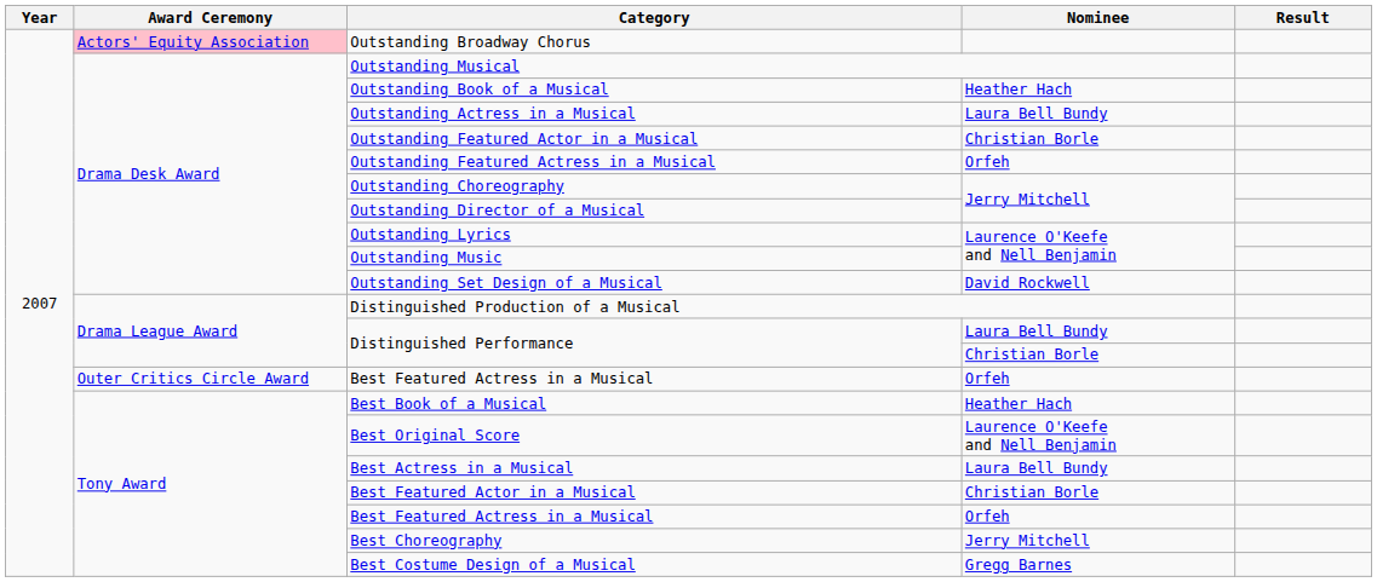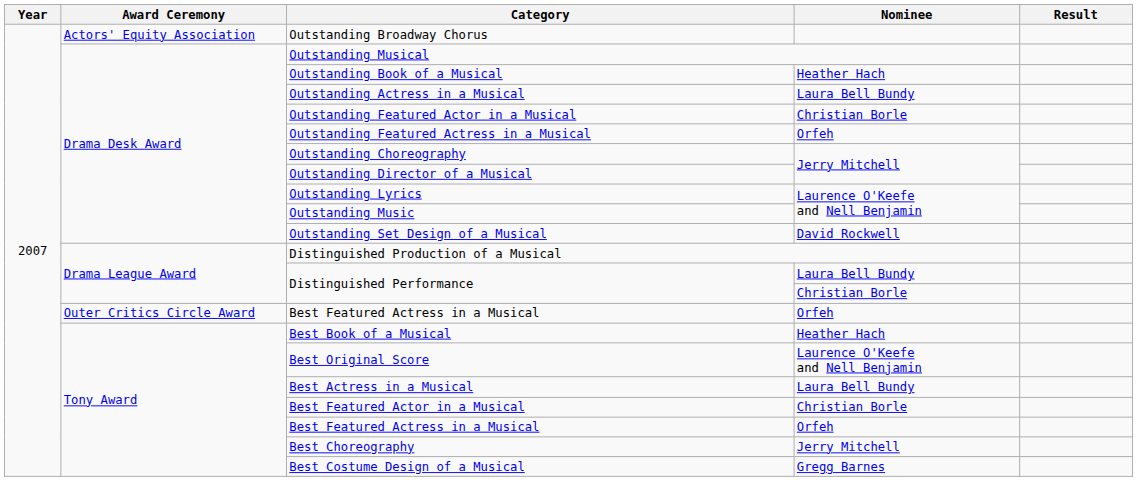 <table class="wikitable" style="width:95%;">
 <tr>
 <th style="width:5%;">Year</th>
 <th style="width:20%;">Award Ceremony</th>
 <th style="width:45%;">Category</th>
 <th style="width:20%;">Nominee</th>
 <th style="width:10%;">Result</th>
 </tr>
 <tr>
 <td rowspan="22" style="text-align:center;">2007</td>
-<td style="background: pink;"><a href='#'>Actors' Equity Association</a></td>
+<td><a href='#'>Actors' Equity Association</a></td>
 <td>Outstanding Broadway Chorus</td>
 <td></td>
 <td></td>
 </tr>
 <tr>
 <td rowspan="10"><a href='#'>Drama Desk Award</a></td>
 <td colspan="2"><a href='#'>Outstanding Musical</a></td>
 <td></td>
 </tr>
 <tr>
 <td><a href='#'>Outstanding Book of a Musical</a></td>
 <td><a href='#'>Heather Hach</a></td>
 <td></td>
 </tr>
 <tr>
 <td><a href='#'>Outstanding Actress in a Musical</a></td>
 <td><a href='#'>Laura Bell Bundy</a></td>
 <td></td>
 </tr>
 <tr>
 <td><a href='#'>Outstanding Featured Actor in a Musical</a></td>
 <td><a href='#'>Christian Borle</a></td>
 <td></td>
 </tr>
 <tr>
 <td><a href='#'>Outstanding Featured Actress in a Musical</a></td>
 <td><a href='#'>Orfeh</a></td>
 <td></td>
 </tr>
 <tr>
 <td><a href='#'>Outstanding Choreography</a></td>
 <td rowspan="2"><a href='#'>Jerry Mitchell</a></td>
 <td></td>
 </tr>
 <tr>
 <td><a href='#'>Outstanding Director of a Musical</a></td>
 <td></td>
 </tr>
 <tr>
 <td><a href='#'>Outstanding Lyrics</a></td>
 <td rowspan="2"><a href='#'>Laurence O'Keefe</a><br>and <a href='#'>Nell Benjamin</a></td>
 <td></td>
 </tr>
 <tr>
 <td><a href='#'>Outstanding Music</a></td>
 <td></td>
 </tr>
 <tr>
 <td><a href='#'>Outstanding Set Design of a Musical</a></td>
 <td><a href='#'>David Rockwell</a></td>
 <td></td>
 </tr>
 <tr>
 <td rowspan="3"><a href='#'>Drama League Award</a></td>
 <td colspan="2">Distinguished Production of a Musical</td>
 <td></td>
 </tr>
 <tr>
 <td rowspan="2">Distinguished Performance</td>
 <td><a href='#'>Laura Bell Bundy</a></td>
 <td></td>
 </tr>
 <tr>
 <td><a href='#'>Christian Borle</a></td>
 <td></td>
 </tr>
 <tr>
 <td><a href='#'>Outer Critics Circle Award</a></td>
 <td>Best Featured Actress in a Musical</td>
 <td><a href='#'>Orfeh</a></td>
 <td></td>
 </tr>
 <tr>
 <td rowspan="7"><a href='#'>Tony Award</a></td>
 <td><a href='#'>Best Book of a Musical</a></td>
 <td><a href='#'>Heather Hach</a></td>
 <td></td>
 </tr>
 <tr>
 <td><a href='#'>Best Original Score</a></td>
 <td><a href='#'>Laurence O'Keefe</a><br>and <a href='#'>Nell Benjamin</a></td>
 <td></td>
 </tr>
 <tr>
 <td><a href='#'>Best Actress in a Musical</a></td>
 <td><a href='#'>Laura Bell Bundy</a></td>
 <td></td>
 </tr>
 <tr>
 <td><a href='#'>Best Featured Actor in a Musical</a></td>
 <td><a href='#'>Christian Borle</a></td>
 <td></td>
 </tr>
 <tr>
 <td><a href='#'>Best Featured Actress in a Musical</a></td>
 <td><a href='#'>Orfeh</a></td>
 <td></td>
 </tr>
 <tr>
 <td><a href='#'>Best Choreography</a></td>
 <td><a href='#'>Jerry Mitchell</a></td>
 <td></td>
 </tr>
 <tr>
 <td><a href='#'>Best Costume Design of a Musical</a></td>
 <td><a href='#'>Gregg Barnes</a></td>
 <td></td>
 </tr>
 </table>
